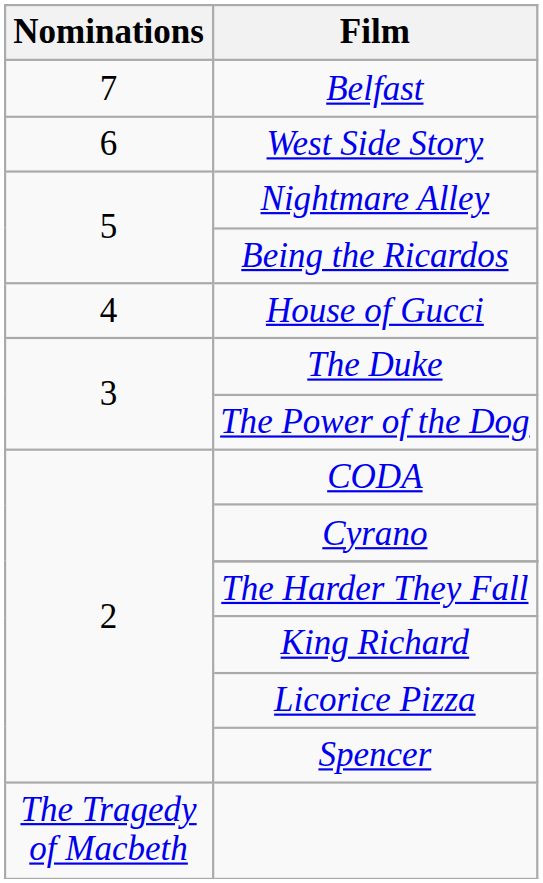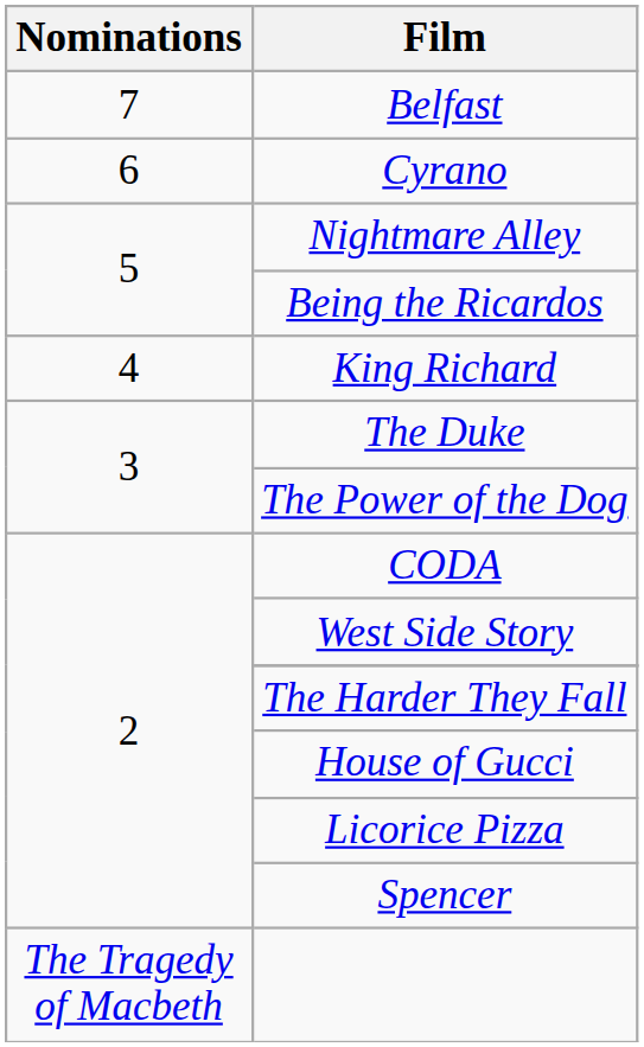 <table class="wikitable plainrowheaders" style="text-align:center;">
 <tr>
 <th scope="col" style="width:55px;">Nominations</th>
 <th scope="col" style="text-align:center;">Film</th>
 </tr>
 <tr>
 <td rowspan="1" scope="row" style="text-align:center">7</td>
 <td><em><a href='#'>Belfast</a></em></td>
 </tr>
 <tr>
 <td rowspan="1" scope="row" style="text-align:center">6</td>
-<td><em><a href='#'>West Side Story</a></em></td>
+<td><em><a href='#'>Cyrano</a></em></td>
 </tr>
 <tr>
 <td rowspan="2" scope="row" style="text-align:center">5</td>
 <td><em><a href='#'>Nightmare Alley</a></em></td>
 </tr>
 <tr>
 <td><em><a href='#'>Being the Ricardos</a></em></td>
 </tr>
 <tr>
 <td scope=row rowspan=1 style="text-align:center">4</td>
-<td><em><a href='#'>House of Gucci</a></em></td>
+<td><em><a href='#'>King Richard</a></em></td>
 </tr>
 <tr>
 <td scope=row rowspan=2 style="text-align:center;">3</td>
 <td><em><a href='#'>The Duke</a></em></td>
 </tr>
 <tr>
 <td><em><a href='#'>The Power of the Dog</a></em></td>
 </tr>
 <tr>
 <td scope=row rowspan=7 style="text-align:center;">2</td>
 <td><em><a href='#'>CODA</a></em></td>
 </tr>
 <tr>
-<td><em><a href='#'>Cyrano</a></em></td>
+<td><em><a href='#'>West Side Story</a></em></td>
 </tr>
 <tr>
 </tr>
 <tr>
 <td><em><a href='#'>The Harder They Fall</a></em></td>
 </tr>
 <tr>
-<td><em><a href='#'>King Richard</a></em></td>
+<td><em><a href='#'>House of Gucci</a></em></td>
 </tr>
 <tr>
 <td><em><a href='#'>Licorice Pizza</a></em></td>
 </tr>
 <tr>
 <td><em><a href='#'>Spencer</a></em></td>
 </tr>
 <tr>
 <td><em><a href='#'>The Tragedy of Macbeth</a></em></td>
 </tr>
 </table>
